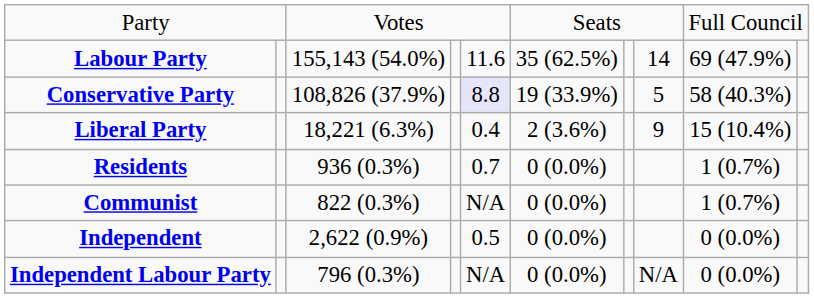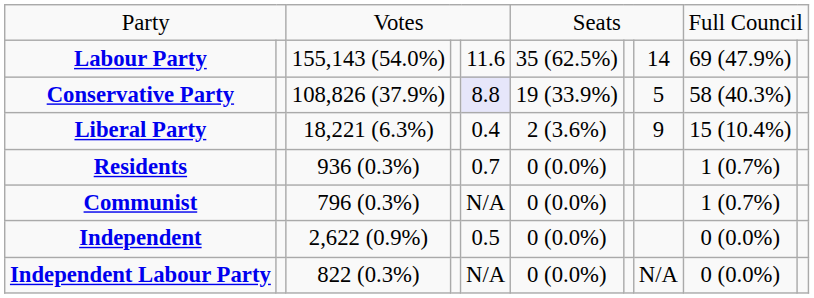 <table class=wikitable style="text-align:center;">
 <tr>
 <td colspan=2>Party</td>
 <td colspan=3>Votes</td>
 <td colspan=3>Seats</td>
 <td colspan=3>Full Council</td>
 </tr>
 <tr>
 <td><strong><a href='#'>Labour Party</a></strong></td>
 <td style="background:"></td>
 <td>155,143 (54.0%)</td>
 <td></td>
 <td> 11.6</td>
 <td>35 (62.5%)</td>
 <td></td>
 <td> 14</td>
 <td>69 (47.9%)</td>
 <td></td>
 </tr>
 <tr>
 <td><strong><a href='#'>Conservative Party</a></strong></td>
 <td style="background:"></td>
 <td>108,826 (37.9%)</td>
 <td></td>
 <td style="background: lavender;"> 8.8</td>
 <td>19 (33.9%)</td>
 <td></td>
 <td> 5</td>
 <td>58 (40.3%)</td>
 <td></td>
 </tr>
 <tr>
 <td><strong><a href='#'>Liberal Party</a></strong></td>
 <td style="background:"></td>
 <td>18,221 (6.3%)</td>
 <td></td>
 <td> 0.4</td>
 <td>2 (3.6%)</td>
 <td></td>
 <td> 9</td>
 <td>15 (10.4%)</td>
 <td></td>
 </tr>
 <tr>
 <td><strong><a href='#'>Residents</a></strong></td>
 <td style="background:"></td>
 <td>936 (0.3%)</td>
 <td></td>
 <td> 0.7</td>
 <td>0 (0.0%)</td>
 <td></td>
 <td></td>
 <td>1 (0.7%)</td>
 <td></td>
 </tr>
 <tr>
 <td><strong><a href='#'>Communist</a></strong></td>
 <td style="background:"></td>
-<td>822 (0.3%)</td>
+<td>796 (0.3%)</td>
 <td></td>
 <td>N/A</td>
 <td>0 (0.0%)</td>
 <td></td>
 <td></td>
 <td>1 (0.7%)</td>
 <td></td>
 </tr>
 <tr>
 <td><strong><a href='#'>Independent</a></strong></td>
 <td style="background:"></td>
 <td>2,622 (0.9%)</td>
 <td></td>
 <td> 0.5</td>
 <td>0 (0.0%)</td>
 <td></td>
 <td></td>
 <td>0 (0.0%)</td>
 <td></td>
 </tr>
 <tr>
 <td><strong><a href='#'>Independent Labour Party</a></strong></td>
 <td style="background:"></td>
-<td>796 (0.3%)</td>
+<td>822 (0.3%)</td>
 <td></td>
 <td>N/A</td>
 <td>0 (0.0%)</td>
 <td></td>
 <td>N/A</td>
 <td>0 (0.0%)</td>
 <td></td>
 </tr>
 </table>
